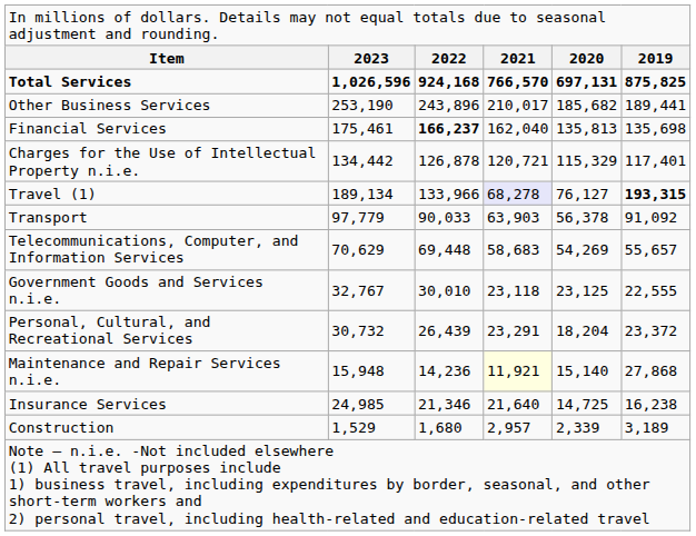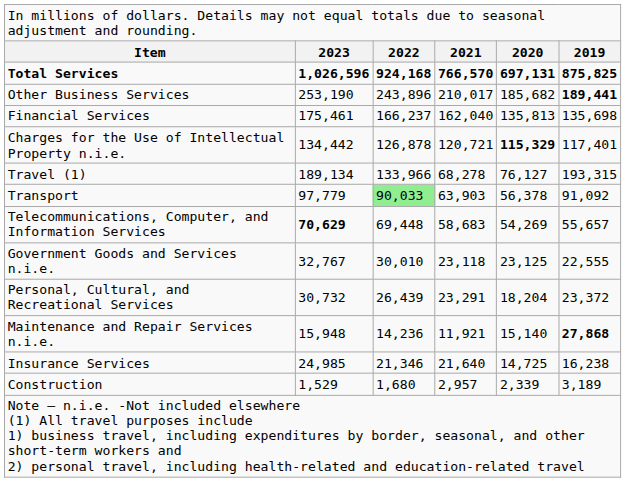 <table class="wikitable">
 <tr>
 <td colspan="6">In millions of dollars. Details may not equal totals due to seasonal adjustment and rounding.</td>
 </tr>
 <tr>
 <th>Item</th>
 <th>2023</th>
 <th>2022</th>
 <th>2021</th>
 <th>2020<strong></strong></th>
 <th>2019<strong></strong></th>
 </tr>
 <tr>
 <td><strong>Total Services</strong></td>
 <td><strong>1,026,596</strong></td>
 <td><strong>924,168</strong></td>
 <td><strong>766,570</strong></td>
 <td><strong>697,131</strong></td>
 <td><strong>875,825</strong></td>
 </tr>
 <tr>
 <td>Other Business Services</td>
 <td>253,190</td>
 <td>243,896</td>
 <td>210,017</td>
 <td>185,682</td>
-<td>189,441</td>
+<td><strong>189,441</strong></td>
 </tr>
 <tr>
 <td>Financial Services</td>
 <td>175,461</td>
-<td><strong>166,237</strong></td>
+<td>166,237</td>
 <td>162,040</td>
 <td>135,813</td>
 <td>135,698</td>
 </tr>
 <tr>
 <td>Charges for the Use of Intellectual Property n.i.e.</td>
 <td>134,442</td>
 <td>126,878</td>
 <td>120,721</td>
-<td>115,329</td>
+<td><strong>115,329</strong></td>
 <td>117,401</td>
 </tr>
 <tr>
 <td>Travel (1)</td>
 <td>189,134</td>
 <td>133,966</td>
-<td style="background: lavender;">68,278</td>
+<td>68,278</td>
 <td>76,127</td>
-<td><strong>193,315</strong></td>
+<td>193,315</td>
 </tr>
 <tr>
 <td>Transport</td>
 <td>97,779</td>
-<td>90,033</td>
+<td style="background: lightgreen;">90,033</td>
 <td>63,903</td>
 <td>56,378</td>
 <td>91,092</td>
 </tr>
 <tr>
 <td>Telecommunications, Computer, and Information Services</td>
-<td>70,629</td>
+<td><strong>70,629</strong></td>
 <td>69,448</td>
 <td>58,683</td>
 <td>54,269</td>
 <td>55,657</td>
 </tr>
 <tr>
 <td>Government Goods and Services n.i.e.</td>
 <td>32,767</td>
 <td>30,010</td>
 <td>23,118</td>
 <td>23,125</td>
 <td>22,555</td>
 </tr>
 <tr>
 <td>Personal, Cultural, and Recreational Services</td>
 <td>30,732</td>
 <td>26,439</td>
 <td>23,291</td>
 <td>18,204</td>
 <td>23,372</td>
 </tr>
 <tr>
 <td>Maintenance and Repair Services n.i.e.</td>
 <td>15,948</td>
 <td>14,236</td>
-<td style="background: lightyellow;">11,921</td>
+<td>11,921</td>
 <td>15,140</td>
-<td>27,868</td>
+<td><strong>27,868</strong></td>
 </tr>
 <tr>
 <td>Insurance Services</td>
 <td>24,985</td>
 <td>21,346</td>
 <td>21,640</td>
 <td>14,725</td>
 <td>16,238</td>
 </tr>
 <tr>
 <td>Construction</td>
 <td>1,529</td>
 <td>1,680</td>
 <td>2,957</td>
 <td>2,339</td>
 <td>3,189</td>
 </tr>
 <tr>
 <td colspan="6">Note – n.i.e. -Not included elsewhere<br>(1) All travel purposes include<br>1) business travel, including expenditures by border, seasonal, and other short-term workers and<br>2) personal travel, including health-related and education-related travel</td>
 </tr>
 </table>
